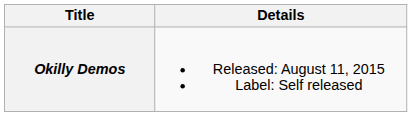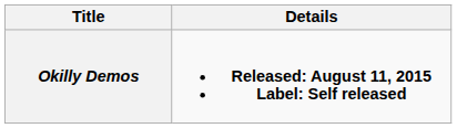 <table class="wikitable plainrowheaders" style="text-align:center;">
 <tr>
 <th scope="col" style="width:10em;">Title</th>
 <th scope="col" style="width:17em;">Details</th>
 </tr>
 <tr>
 <th Scope="row"><em>Okilly Demos</em></th>
-<td><br><ul><li>Released: August 11, 2015</li><li>Label: Self released</li></ul></td>
+<td><strong><br><ul><li>Released: August 11, 2015</li><li>Label: Self released</li></ul></strong></td>
 </tr>
 </table>
